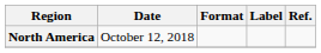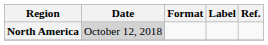 <table class="wikitable plainrowheaders">
 <tr>
 <th scope="col">Region</th>
 <th scope="col">Date</th>
 <th scope="col">Format</th>
 <th scope="col">Label</th>
 <th scope="col">Ref.</th>
 </tr>
 <tr>
 <th scope="row">North America</th>
-<td>October 12, 2018</td>
+<td style="background: lightgrey;">October 12, 2018</td>
 <td></td>
 <td></td>
 <td></td>
 </tr>
 <tr>
 </tr>
 </table>
